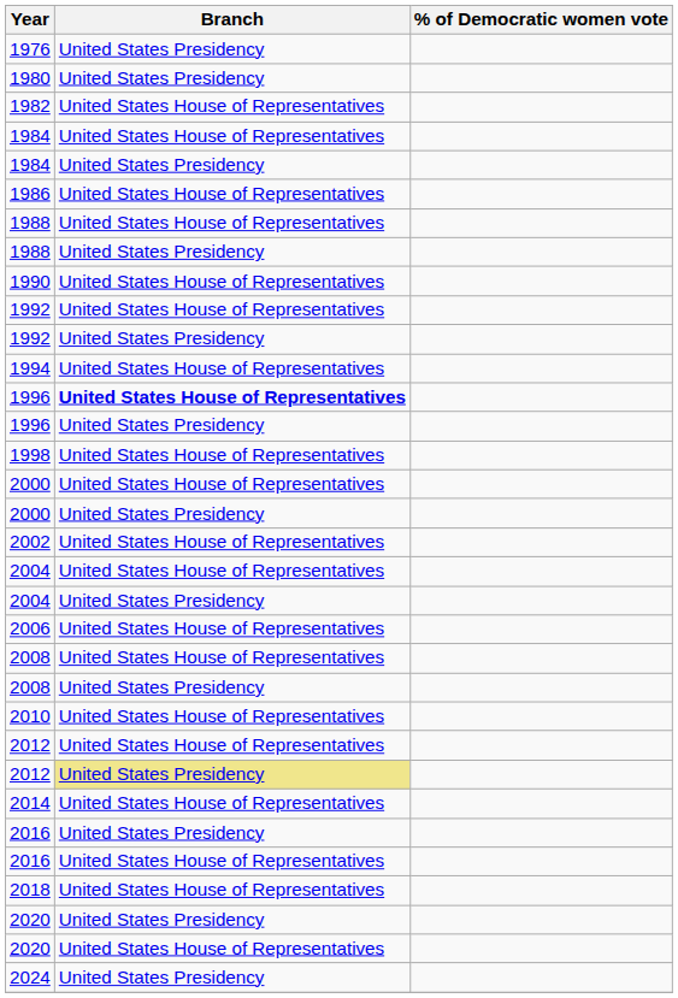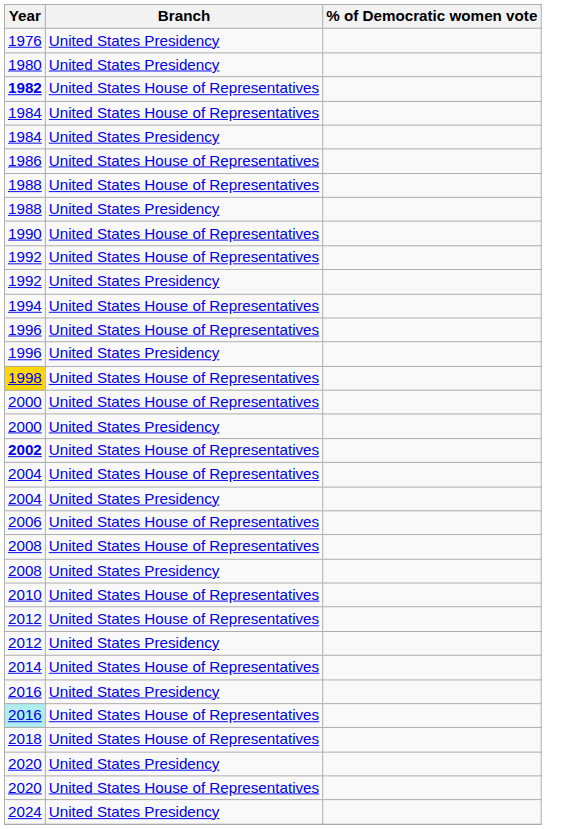 <table class="wikitable sortable collapsible">
 <tr>
 <th>Year</th>
 <th>Branch</th>
 <th colspan="2">% of Democratic women vote</th>
 </tr>
 <tr>
 <td><a href='#'>1976</a></td>
 <td><a href='#'>United States Presidency</a></td>
 <td align=right></td>
 </tr>
 <tr>
 <td><a href='#'>1980</a></td>
 <td><a href='#'>United States Presidency</a></td>
 <td align=right></td>
 </tr>
 <tr>
-<td><a href='#'>1982</a></td>
+<td><strong><a href='#'>1982</a></strong></td>
 <td><a href='#'>United States House of Representatives</a></td>
 <td align=right></td>
 </tr>
 <tr>
 <td><a href='#'>1984</a></td>
 <td><a href='#'>United States House of Representatives</a></td>
 <td align=right></td>
 </tr>
 <tr>
 <td><a href='#'>1984</a></td>
 <td><a href='#'>United States Presidency</a></td>
 <td align=right></td>
 </tr>
 <tr>
 <td><a href='#'>1986</a></td>
 <td><a href='#'>United States House of Representatives</a></td>
 <td align=right></td>
 </tr>
 <tr>
 <td><a href='#'>1988</a></td>
 <td><a href='#'>United States House of Representatives</a></td>
 <td align=right></td>
 </tr>
 <tr>
 <td><a href='#'>1988</a></td>
 <td><a href='#'>United States Presidency</a></td>
 <td align=right></td>
 </tr>
 <tr>
 <td><a href='#'>1990</a></td>
 <td><a href='#'>United States House of Representatives</a></td>
 <td align=right></td>
 </tr>
 <tr>
 <td><a href='#'>1992</a></td>
 <td><a href='#'>United States House of Representatives</a></td>
 <td align=right></td>
 </tr>
 <tr>
 <td><a href='#'>1992</a></td>
 <td><a href='#'>United States Presidency</a></td>
 <td align=right></td>
 </tr>
 <tr>
 <td><a href='#'>1994</a></td>
 <td><a href='#'>United States House of Representatives</a></td>
 <td align=right></td>
 </tr>
 <tr>
 <td><a href='#'>1996</a></td>
-<td><strong><a href='#'>United States House of Representatives</a></strong></td>
+<td><a href='#'>United States House of Representatives</a></td>
 <td align=right></td>
 </tr>
 <tr>
 <td><a href='#'>1996</a></td>
 <td><a href='#'>United States Presidency</a></td>
 <td align=right></td>
 </tr>
 <tr>
-<td><a href='#'>1998</a></td>
+<td style="background: gold;"><a href='#'>1998</a></td>
 <td><a href='#'>United States House of Representatives</a></td>
 <td align=right></td>
 </tr>
 <tr>
 <td><a href='#'>2000</a></td>
 <td><a href='#'>United States House of Representatives</a></td>
 <td align=right></td>
 </tr>
 <tr>
 <td><a href='#'>2000</a></td>
 <td><a href='#'>United States Presidency</a></td>
 <td align=right></td>
 </tr>
 <tr>
-<td><a href='#'>2002</a></td>
+<td><strong><a href='#'>2002</a></strong></td>
 <td><a href='#'>United States House of Representatives</a></td>
 <td align=right></td>
 </tr>
 <tr>
 <td><a href='#'>2004</a></td>
 <td><a href='#'>United States House of Representatives</a></td>
 <td align=right></td>
 </tr>
 <tr>
 <td><a href='#'>2004</a></td>
 <td><a href='#'>United States Presidency</a></td>
 <td align=right></td>
 </tr>
 <tr>
 <td><a href='#'>2006</a></td>
 <td><a href='#'>United States House of Representatives</a></td>
 <td align=right></td>
 </tr>
 <tr>
 <td><a href='#'>2008</a></td>
 <td><a href='#'>United States House of Representatives</a></td>
 <td align=right></td>
 </tr>
 <tr>
 <td><a href='#'>2008</a></td>
 <td><a href='#'>United States Presidency</a></td>
 <td align=right></td>
 </tr>
 <tr>
 <td><a href='#'>2010</a></td>
 <td><a href='#'>United States House of Representatives</a></td>
 <td align=right></td>
 </tr>
 <tr>
 <td><a href='#'>2012</a></td>
 <td><a href='#'>United States House of Representatives</a></td>
 <td align=right></td>
 </tr>
 <tr>
 <td><a href='#'>2012</a></td>
-<td style="background: khaki;"><a href='#'>United States Presidency</a></td>
+<td><a href='#'>United States Presidency</a></td>
 <td align=right></td>
 </tr>
 <tr>
 <td><a href='#'>2014</a></td>
 <td><a href='#'>United States House of Representatives</a></td>
 <td align=right></td>
 </tr>
 <tr>
 <td><a href='#'>2016</a></td>
 <td><a href='#'>United States Presidency</a></td>
 <td align=right></td>
 </tr>
 <tr>
-<td><a href='#'>2016</a></td>
+<td style="background: paleturquoise;"><a href='#'>2016</a></td>
 <td><a href='#'>United States House of Representatives</a></td>
 <td align=right></td>
 </tr>
 <tr>
 <td><a href='#'>2018</a></td>
 <td><a href='#'>United States House of Representatives</a></td>
 <td align=right></td>
 </tr>
 <tr>
 <td><a href='#'>2020</a></td>
 <td><a href='#'>United States Presidency</a></td>
 <td align=right></td>
 </tr>
 <tr>
 <td><a href='#'>2020</a></td>
 <td><a href='#'>United States House of Representatives</a></td>
 <td align=right></td>
 </tr>
 <tr>
 <td><a href='#'>2024</a></td>
 <td><a href='#'>United States Presidency</a></td>
 <td align=right></td>
 </tr>
 <tr>
 </tr>
 </table>
